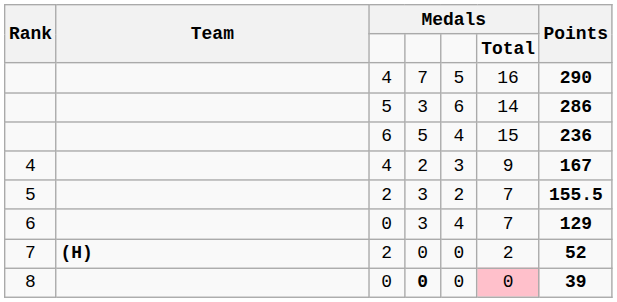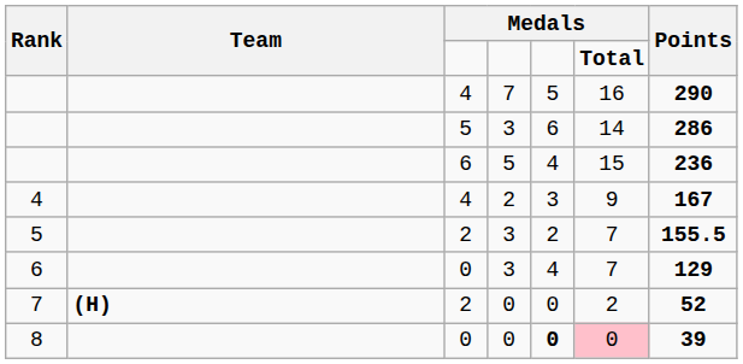 <table class="wikitable">
 <tr>
 <th rowspan=2>Rank</th>
 <th style="width:220px;" rowspan="2">Team</th>
 <th colspan=4>Medals</th>
 <th rowspan=2>Points</th>
 </tr>
 <tr>
 <td style="width:20px; text-align:center;"></td>
 <td style="width:20px; text-align:center;"></td>
 <td style="width:20px; text-align:center;"></td>
 <td><strong>Total</strong></td>
 </tr>
 <tr>
 <td align=center></td>
 <td></td>
 <td align=center>4</td>
 <td align=center>7</td>
 <td align=center>5</td>
 <td align=center>16</td>
 <td align=center><strong>290</strong></td>
 </tr>
 <tr>
 <td align=center></td>
 <td></td>
 <td align=center>5</td>
 <td align=center>3</td>
 <td align=center>6</td>
 <td align=center>14</td>
 <td align=center><strong>286</strong></td>
 </tr>
 <tr>
 <td align=center></td>
 <td></td>
 <td align=center>6</td>
 <td align=center>5</td>
 <td align=center>4</td>
 <td align=center>15</td>
 <td align=center><strong>236</strong></td>
 </tr>
 <tr>
 <td align=center>4</td>
 <td></td>
 <td align=center>4</td>
 <td align=center>2</td>
 <td align=center>3</td>
 <td align=center>9</td>
 <td align=center><strong>167</strong></td>
 </tr>
 <tr>
 <td align=center>5</td>
 <td></td>
 <td align=center>2</td>
 <td align=center>3</td>
 <td align=center>2</td>
 <td align=center>7</td>
 <td align=center><strong>155.5</strong></td>
 </tr>
 <tr>
 <td align=center>6</td>
 <td></td>
 <td align=center>0</td>
 <td align=center>3</td>
 <td align=center>4</td>
 <td align=center>7</td>
 <td align=center><strong>129</strong></td>
 </tr>
 <tr>
 <td align=center>7</td>
 <td> <strong>(H)</strong></td>
 <td align=center>2</td>
 <td align=center>0</td>
 <td align=center>0</td>
 <td align=center>2</td>
 <td align=center><strong>52</strong></td>
 </tr>
 <tr>
 <td align=center>8</td>
 <td></td>
 <td align=center>0</td>
+<td align=center>0</td>
 <td align=center><strong>0</strong></td>
-<td align=center>0</td>
 <td align=center style="background: pink;">0</td>
 <td align=center><strong>39</strong></td>
 </tr>
 </table>
